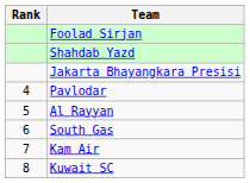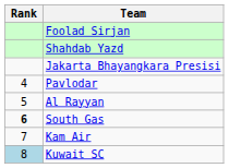 <table class="wikitable" style="text-align:center;">
 <tr>
 <th width=40>Rank</th>
 <th>Team</th>
 </tr>
 <tr bgcolor=#ccffcc>
 <td></td>
 <td style="text-align:left;"> <a href='#'>Foolad Sirjan</a></td>
 </tr>
 <tr bgcolor=#ccffcc>
 <td></td>
 <td style="text-align:left;"> <a href='#'>Shahdab Yazd</a></td>
 </tr>
 <tr>
 <td></td>
 <td style="text-align:left;"> <a href='#'>Jakarta Bhayangkara Presisi</a></td>
 </tr>
 <tr>
 <td>4</td>
 <td style="text-align:left;"> <a href='#'>Pavlodar</a></td>
 </tr>
 <tr>
 <td>5</td>
 <td style="text-align:left;"> <a href='#'>Al Rayyan</a></td>
 </tr>
 <tr>
-<td>6</td>
+<td><strong>6</strong></td>
 <td style="text-align:left;"> <a href='#'>South Gas</a></td>
 </tr>
 <tr>
 <td>7</td>
 <td style="text-align:left;"> <a href='#'>Kam Air</a></td>
 </tr>
 <tr>
-<td>8</td>
+<td style="background: lightblue;">8</td>
 <td style="text-align:left;"> <a href='#'>Kuwait SC</a></td>
 </tr>
 </table>
